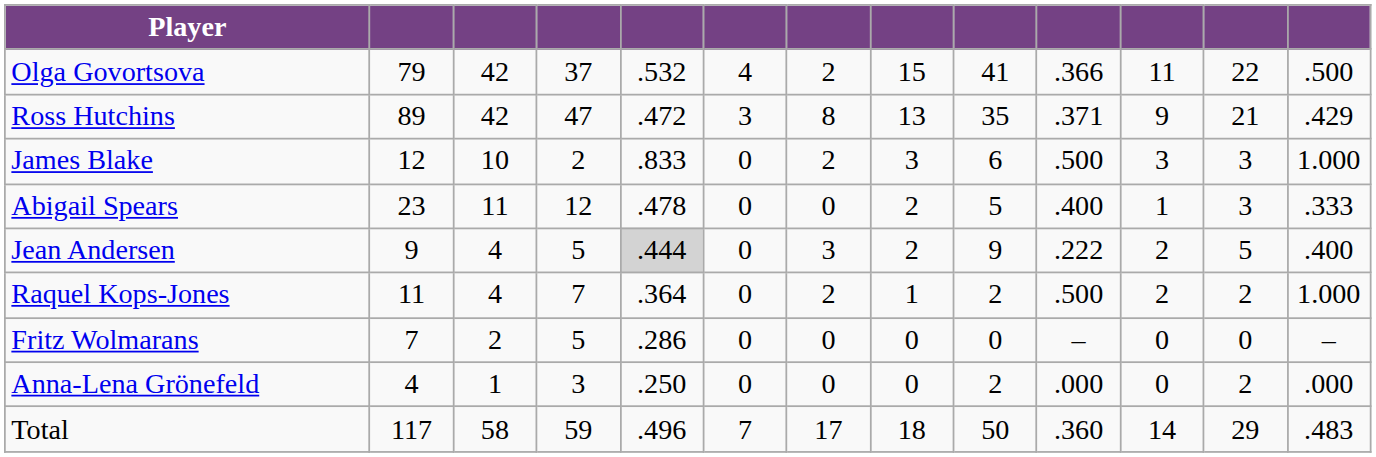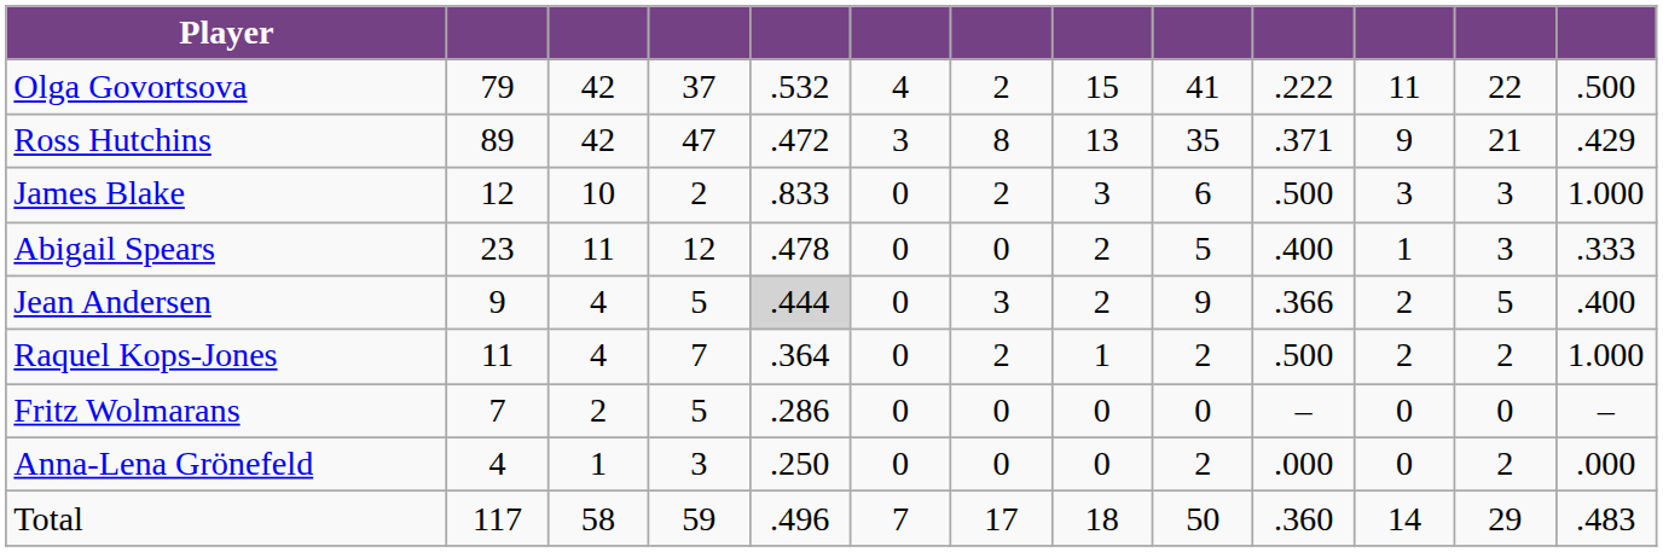 <table class="wikitable" style="text-align:center">
 <tr>
 <th style="background:#744184; color:white" width="200px">Player</th>
 <th style="background:#744184; color:white" width="40px"></th>
 <th style="background:#744184; color:white" width="40px"></th>
 <th style="background:#744184; color:white" width="40px"></th>
 <th style="background:#744184; color:white" width="40px"></th>
 <th style="background:#744184; color:white" width="40px"></th>
 <th style="background:#744184; color:white" width="40px"></th>
 <th style="background:#744184; color:white" width="40px"></th>
 <th style="background:#744184; color:white" width="40px"></th>
 <th style="background:#744184; color:white" width="40px"></th>
 <th style="background:#744184; color:white" width="40px"></th>
 <th style="background:#744184; color:white" width="40px"></th>
 <th style="background:#744184; color:white" width="40px"></th>
 </tr>
 <tr>
 <td style="text-align:left"><a href='#'>Olga Govortsova</a></td>
 <td>79</td>
 <td>42</td>
 <td>37</td>
 <td>.532</td>
 <td>4</td>
 <td>2</td>
 <td>15</td>
 <td>41</td>
-<td>.366</td>
+<td>.222</td>
 <td>11</td>
 <td>22</td>
 <td>.500</td>
 </tr>
 <tr>
 <td style="text-align:left"><a href='#'>Ross Hutchins</a></td>
 <td>89</td>
 <td>42</td>
 <td>47</td>
 <td>.472</td>
 <td>3</td>
 <td>8</td>
 <td>13</td>
 <td>35</td>
 <td>.371</td>
 <td>9</td>
 <td>21</td>
 <td>.429</td>
 </tr>
 <tr>
 <td style="text-align:left"><a href='#'>James Blake</a></td>
 <td>12</td>
 <td>10</td>
 <td>2</td>
 <td>.833</td>
 <td>0</td>
 <td>2</td>
 <td>3</td>
 <td>6</td>
 <td>.500</td>
 <td>3</td>
 <td>3</td>
 <td>1.000</td>
 </tr>
 <tr>
 <td style="text-align:left"><a href='#'>Abigail Spears</a></td>
 <td>23</td>
 <td>11</td>
 <td>12</td>
 <td>.478</td>
 <td>0</td>
 <td>0</td>
 <td>2</td>
 <td>5</td>
 <td>.400</td>
 <td>1</td>
 <td>3</td>
 <td>.333</td>
 </tr>
 <tr>
 <td style="text-align:left"><a href='#'>Jean Andersen</a></td>
 <td>9</td>
 <td>4</td>
 <td>5</td>
 <td style="background: lightgrey;">.444</td>
 <td>0</td>
 <td>3</td>
 <td>2</td>
 <td>9</td>
-<td>.222</td>
+<td>.366</td>
 <td>2</td>
 <td>5</td>
 <td>.400</td>
 </tr>
 <tr>
 <td style="text-align:left"><a href='#'>Raquel Kops-Jones</a></td>
 <td>11</td>
 <td>4</td>
 <td>7</td>
 <td>.364</td>
 <td>0</td>
 <td>2</td>
 <td>1</td>
 <td>2</td>
 <td>.500</td>
 <td>2</td>
 <td>2</td>
 <td>1.000</td>
 </tr>
 <tr>
 <td style="text-align:left"><a href='#'>Fritz Wolmarans</a></td>
 <td>7</td>
 <td>2</td>
 <td>5</td>
 <td>.286</td>
 <td>0</td>
 <td>0</td>
 <td>0</td>
 <td>0</td>
 <td>–</td>
 <td>0</td>
 <td>0</td>
 <td>–</td>
 </tr>
 <tr>
 <td style="text-align:left"><a href='#'>Anna-Lena Grönefeld</a></td>
 <td>4</td>
 <td>1</td>
 <td>3</td>
 <td>.250</td>
 <td>0</td>
 <td>0</td>
 <td>0</td>
 <td>2</td>
 <td>.000</td>
 <td>0</td>
 <td>2</td>
 <td>.000</td>
 </tr>
 <tr>
 <td style="text-align:left">Total</td>
 <td>117</td>
 <td>58</td>
 <td>59</td>
 <td>.496</td>
 <td>7</td>
 <td>17</td>
 <td>18</td>
 <td>50</td>
 <td>.360</td>
 <td>14</td>
 <td>29</td>
 <td>.483</td>
 </tr>
 </table>
